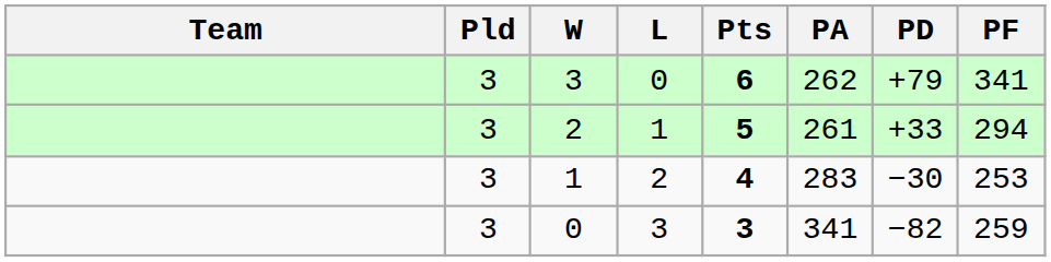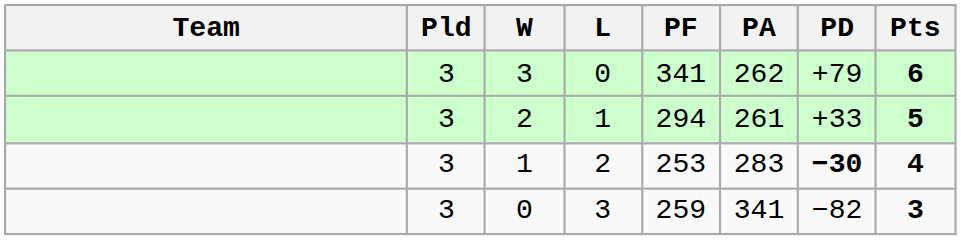 <table class="wikitable" style="text-align:center;">
 <tr>
 <th width=180>Team</th>
 <th width=30>Pld</th>
 <th width=30>W</th>
 <th width=30>L</th>
-<th width=30>Pts</th>
+<th width=30>PF</th>
 <th width=30>PA</th>
 <th width=30>PD</th>
-<th width=30>PF</th>
+<th width=30>Pts</th>
 </tr>
 <tr bgcolor="#ccffcc">
 <td align="left"></td>
 <td>3</td>
 <td>3</td>
 <td>0</td>
-<td><strong>6</strong></td>
+<td>341</td>
 <td>262</td>
 <td>+79</td>
-<td>341</td>
+<td><strong>6</strong></td>
 </tr>
 <tr bgcolor="#ccffcc">
 <td align="left"></td>
 <td>3</td>
 <td>2</td>
 <td>1</td>
-<td><strong>5</strong></td>
+<td>294</td>
 <td>261</td>
 <td>+33</td>
-<td>294</td>
+<td><strong>5</strong></td>
 </tr>
 <tr>
 <td align="left"></td>
 <td>3</td>
 <td>1</td>
 <td>2</td>
+<td>253</td>
+<td>283</td>
+<td><strong>−30</strong></td>
 <td><strong>4</strong></td>
-<td>283</td>
-<td>−30</td>
-<td>253</td>
 </tr>
 <tr>
 <td align="left"></td>
 <td>3</td>
 <td>0</td>
 <td>3</td>
-<td><strong>3</strong></td>
+<td>259</td>
 <td>341</td>
 <td>−82</td>
-<td>259</td>
+<td><strong>3</strong></td>
 </tr>
 </table>
